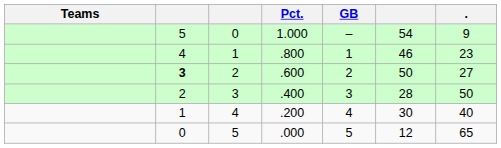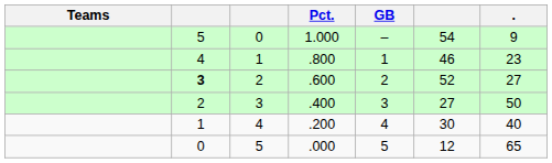 <table class="wikitable" width="50%" style="text-align:center;">
 <tr>
 <th width="20%">Teams</th>
 <th width="7%"></th>
 <th width="7%"></th>
 <th width="8%"><a href='#'>Pct.</a></th>
 <th width="7%"><a href='#'>GB</a></th>
 <th width="8%"></th>
 <th width="8%">.</th>
 </tr>
 <tr bgcolor="ccffcc">
 <td align=left></td>
 <td>5</td>
 <td>0</td>
 <td>1.000</td>
 <td>–</td>
 <td>54</td>
 <td>9</td>
 </tr>
 <tr bgcolor="ccffcc">
 <td align=left></td>
 <td>4</td>
 <td>1</td>
 <td>.800</td>
 <td>1</td>
 <td>46</td>
 <td>23</td>
 </tr>
 <tr bgcolor="ccffcc">
 <td align=left></td>
 <td><strong>3</strong></td>
 <td>2</td>
 <td>.600</td>
 <td>2</td>
-<td>50</td>
+<td>52</td>
 <td>27</td>
 </tr>
 <tr bgcolor="ccffcc">
 <td align=left></td>
 <td>2</td>
 <td>3</td>
 <td>.400</td>
 <td>3</td>
-<td>28</td>
+<td>27</td>
 <td>50</td>
 </tr>
 <tr>
 <td align=left></td>
 <td>1</td>
 <td>4</td>
 <td>.200</td>
 <td>4</td>
 <td>30</td>
 <td>40</td>
 </tr>
 <tr>
 <td align=left></td>
 <td>0</td>
 <td>5</td>
 <td>.000</td>
 <td>5</td>
 <td>12</td>
 <td>65</td>
 </tr>
 </table>
